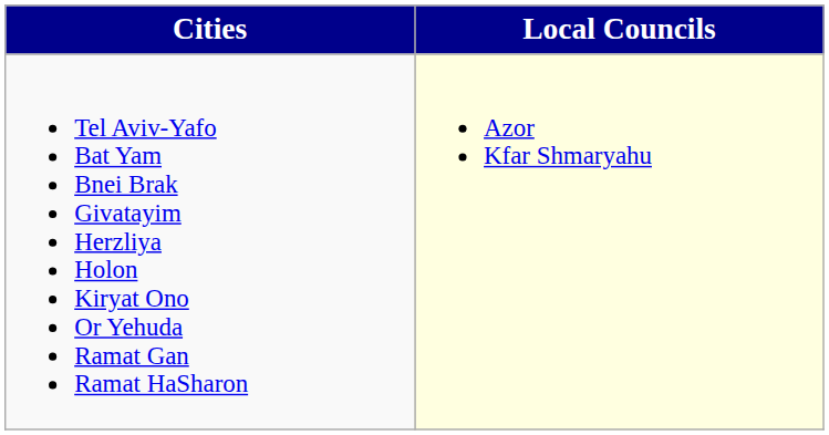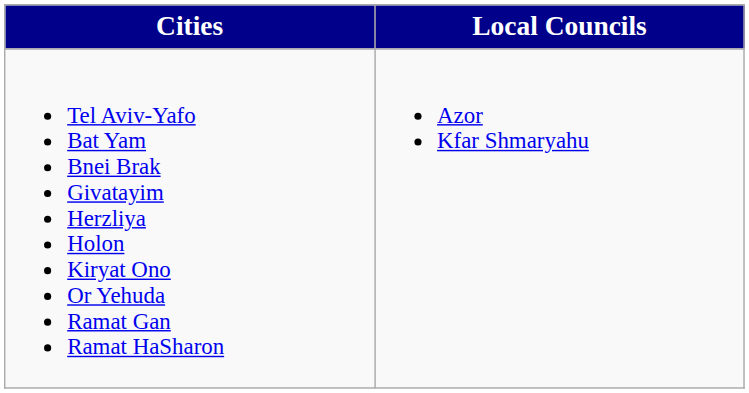 <table class="wikitable">
 <tr>
 <th width="250;" style="font-size:larger; background:#00008B; color:white;">Cities</th>
 <th width="250;" style="font-size:larger; background:#00008B; color:white;">Local Councils</th>
 </tr>
 <tr>
 <td valign="top"><br><ul><li><a href='#'>Tel Aviv-Yafo</a></li><li><a href='#'>Bat Yam</a></li><li><a href='#'>Bnei Brak</a></li><li><a href='#'>Givatayim</a></li><li><a href='#'>Herzliya</a></li><li><a href='#'>Holon</a></li><li><a href='#'>Kiryat Ono</a></li><li><a href='#'>Or Yehuda</a></li><li><a href='#'>Ramat Gan</a></li><li><a href='#'>Ramat HaSharon</a></li></ul></td>
-<td valign="top" style="background: lightyellow;"><br><ul><li><a href='#'>Azor</a></li><li><a href='#'>Kfar Shmaryahu</a></li></ul></td>
+<td valign="top"><br><ul><li><a href='#'>Azor</a></li><li><a href='#'>Kfar Shmaryahu</a></li></ul></td>
 </tr>
 </table>
